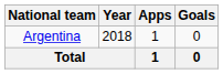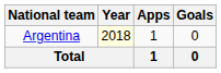 <table class="wikitable" style="text-align:center">
 <tr>
 <th>National team</th>
 <th>Year</th>
 <th>Apps</th>
 <th>Goals</th>
 </tr>
 <tr>
 <td><a href='#'>Argentina</a></td>
-<td>2018</td>
+<td style="background: lightyellow;">2018</td>
 <td>1</td>
 <td>0</td>
 </tr>
 <tr>
 <th colspan="2">Total</th>
 <th>1</th>
 <th>0</th>
 </tr>
 </table>
